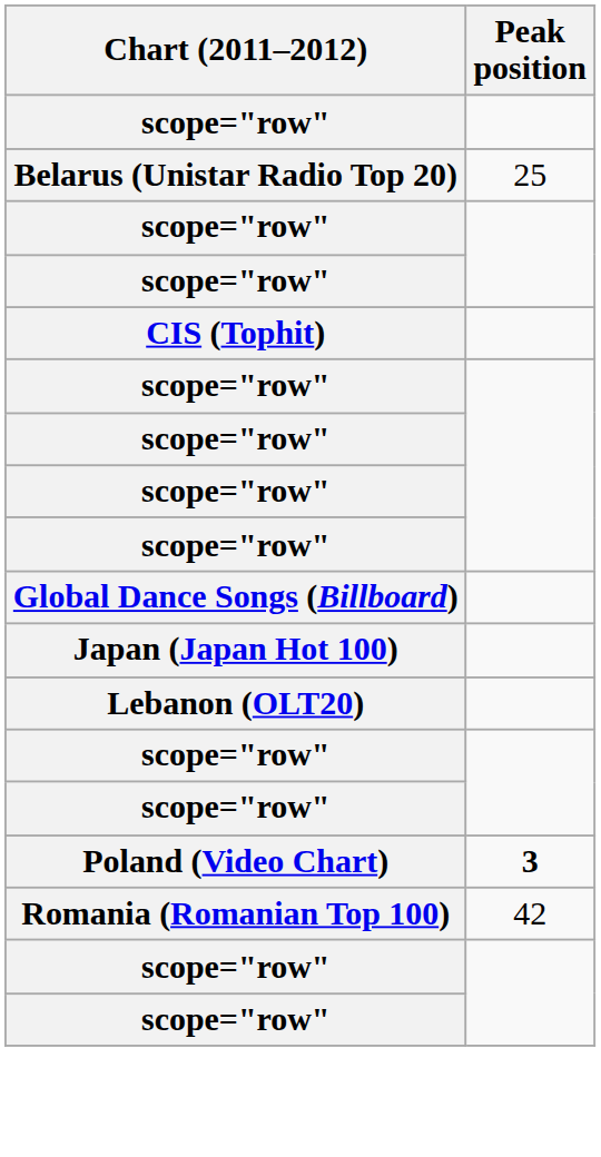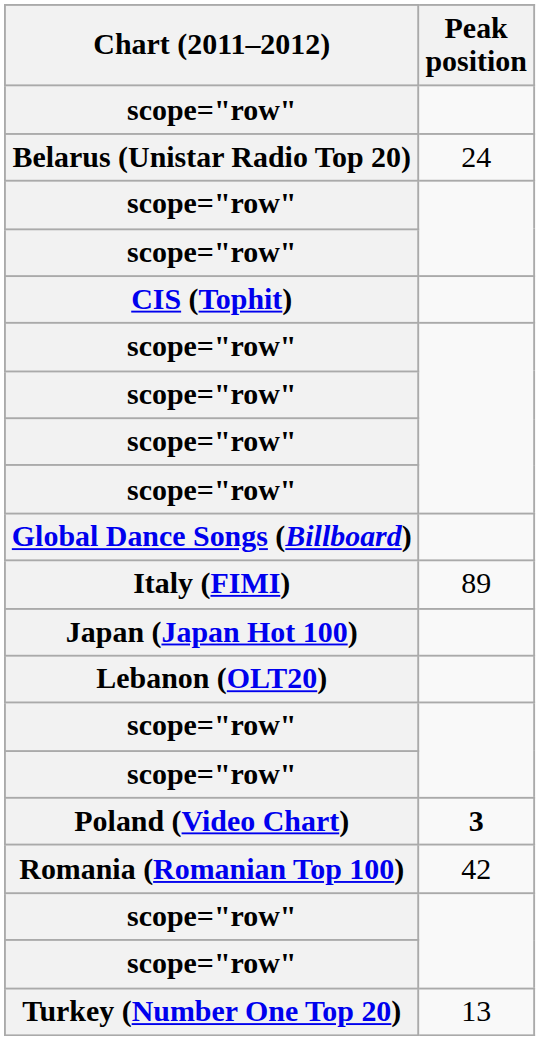 <table class="wikitable sortable plainrowheaders">
 <tr>
 <th scope="col">Chart (2011–2012)</th>
 <th scope="col">Peak<br>position</th>
 </tr>
 <tr>
 <th>scope="row"</th>
 </tr>
 <tr>
 <th scope="row">Belarus (Unistar Radio Top 20)</th>
-<td align="center">25</td>
+<td align="center">24</td>
 </tr>
 <tr>
 <th>scope="row"</th>
 </tr>
 <tr>
 <th>scope="row"</th>
 </tr>
 <tr>
 <th scope="row"><a href='#'>CIS</a> (<a href='#'>Tophit</a>)</th>
 <td></td>
 </tr>
 <tr>
 <th>scope="row"</th>
 </tr>
 <tr>
 <th>scope="row"</th>
 </tr>
 <tr>
 <th>scope="row"</th>
 </tr>
 <tr>
 <th>scope="row"</th>
 </tr>
 <tr>
 <th scope="row"><a href='#'>Global Dance Songs</a> (<em><a href='#'>Billboard</a></em>)</th>
 <td></td>
+</tr>
+<tr>
+<th scope="row">Italy (<a href='#'>FIMI</a>)</th>
+<td style="text-align:center;">89</td>
 </tr>
 <tr>
 <th scope="row">Japan (<a href='#'>Japan Hot 100</a>)</th>
 <td></td>
 </tr>
 <tr>
 <th scope="row">Lebanon (<a href='#'>OLT20</a>)</th>
 <td></td>
 </tr>
 <tr>
 <th>scope="row"</th>
 </tr>
 <tr>
 <th>scope="row"</th>
 </tr>
 <tr>
 <th scope="row">Poland (<a href='#'>Video Chart</a>)</th>
 <td align=center><strong>3</strong></td>
 </tr>
 <tr>
 <th scope="row">Romania (<a href='#'>Romanian Top 100</a>)</th>
 <td style="text-align:center;">42</td>
 </tr>
 <tr>
 <th>scope="row"</th>
 </tr>
 <tr>
 <th>scope="row"</th>
 </tr>
+<tr>
+<th scope="row">Turkey (<a href='#'>Number One Top 20</a>)</th>
+<td align="center">13</td>
+</tr>
 </table>
